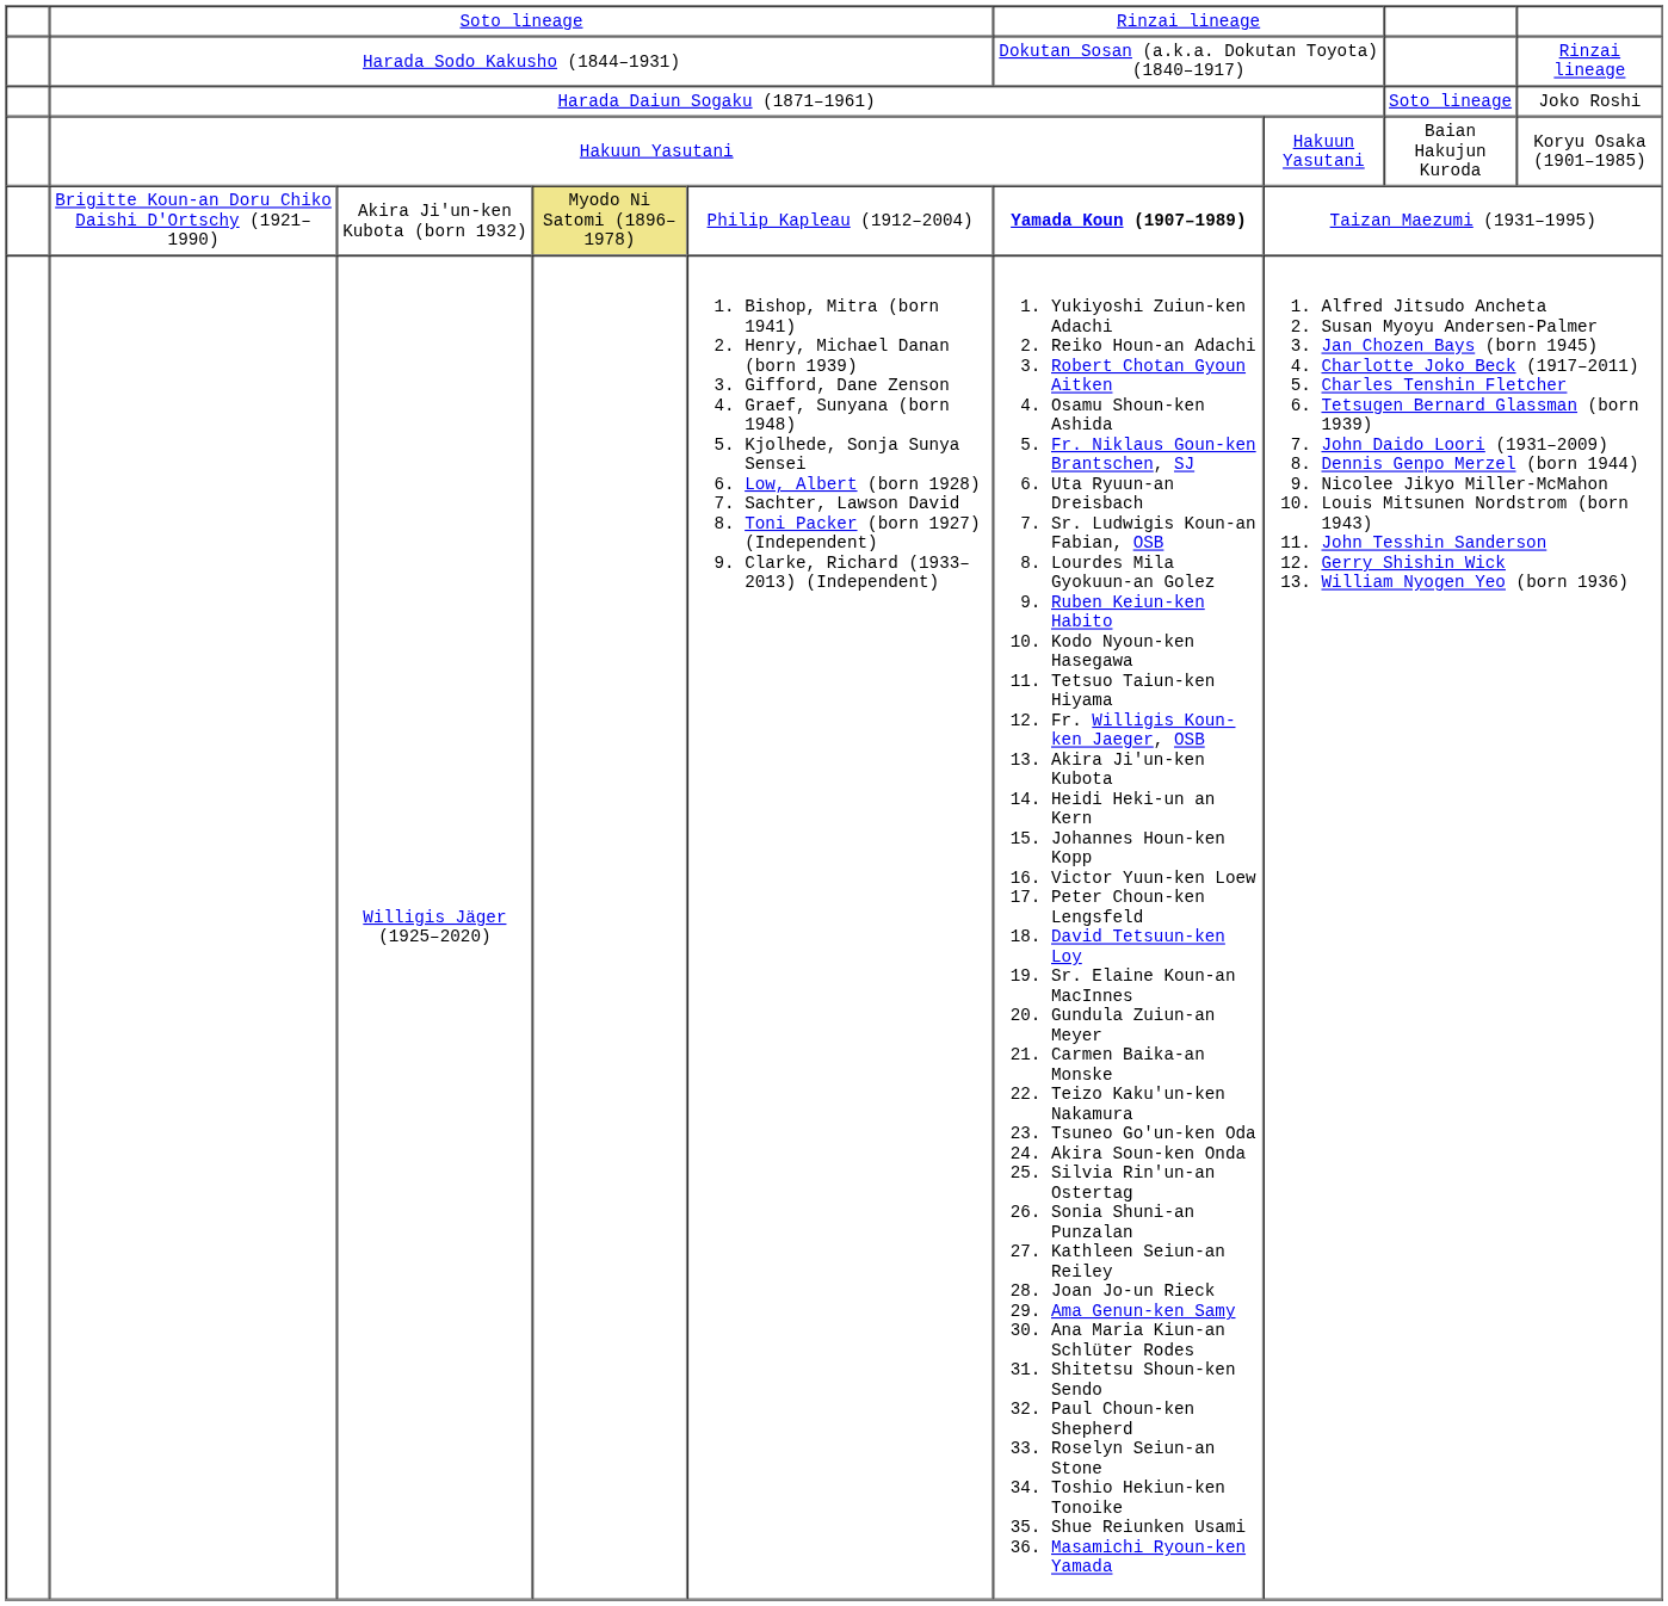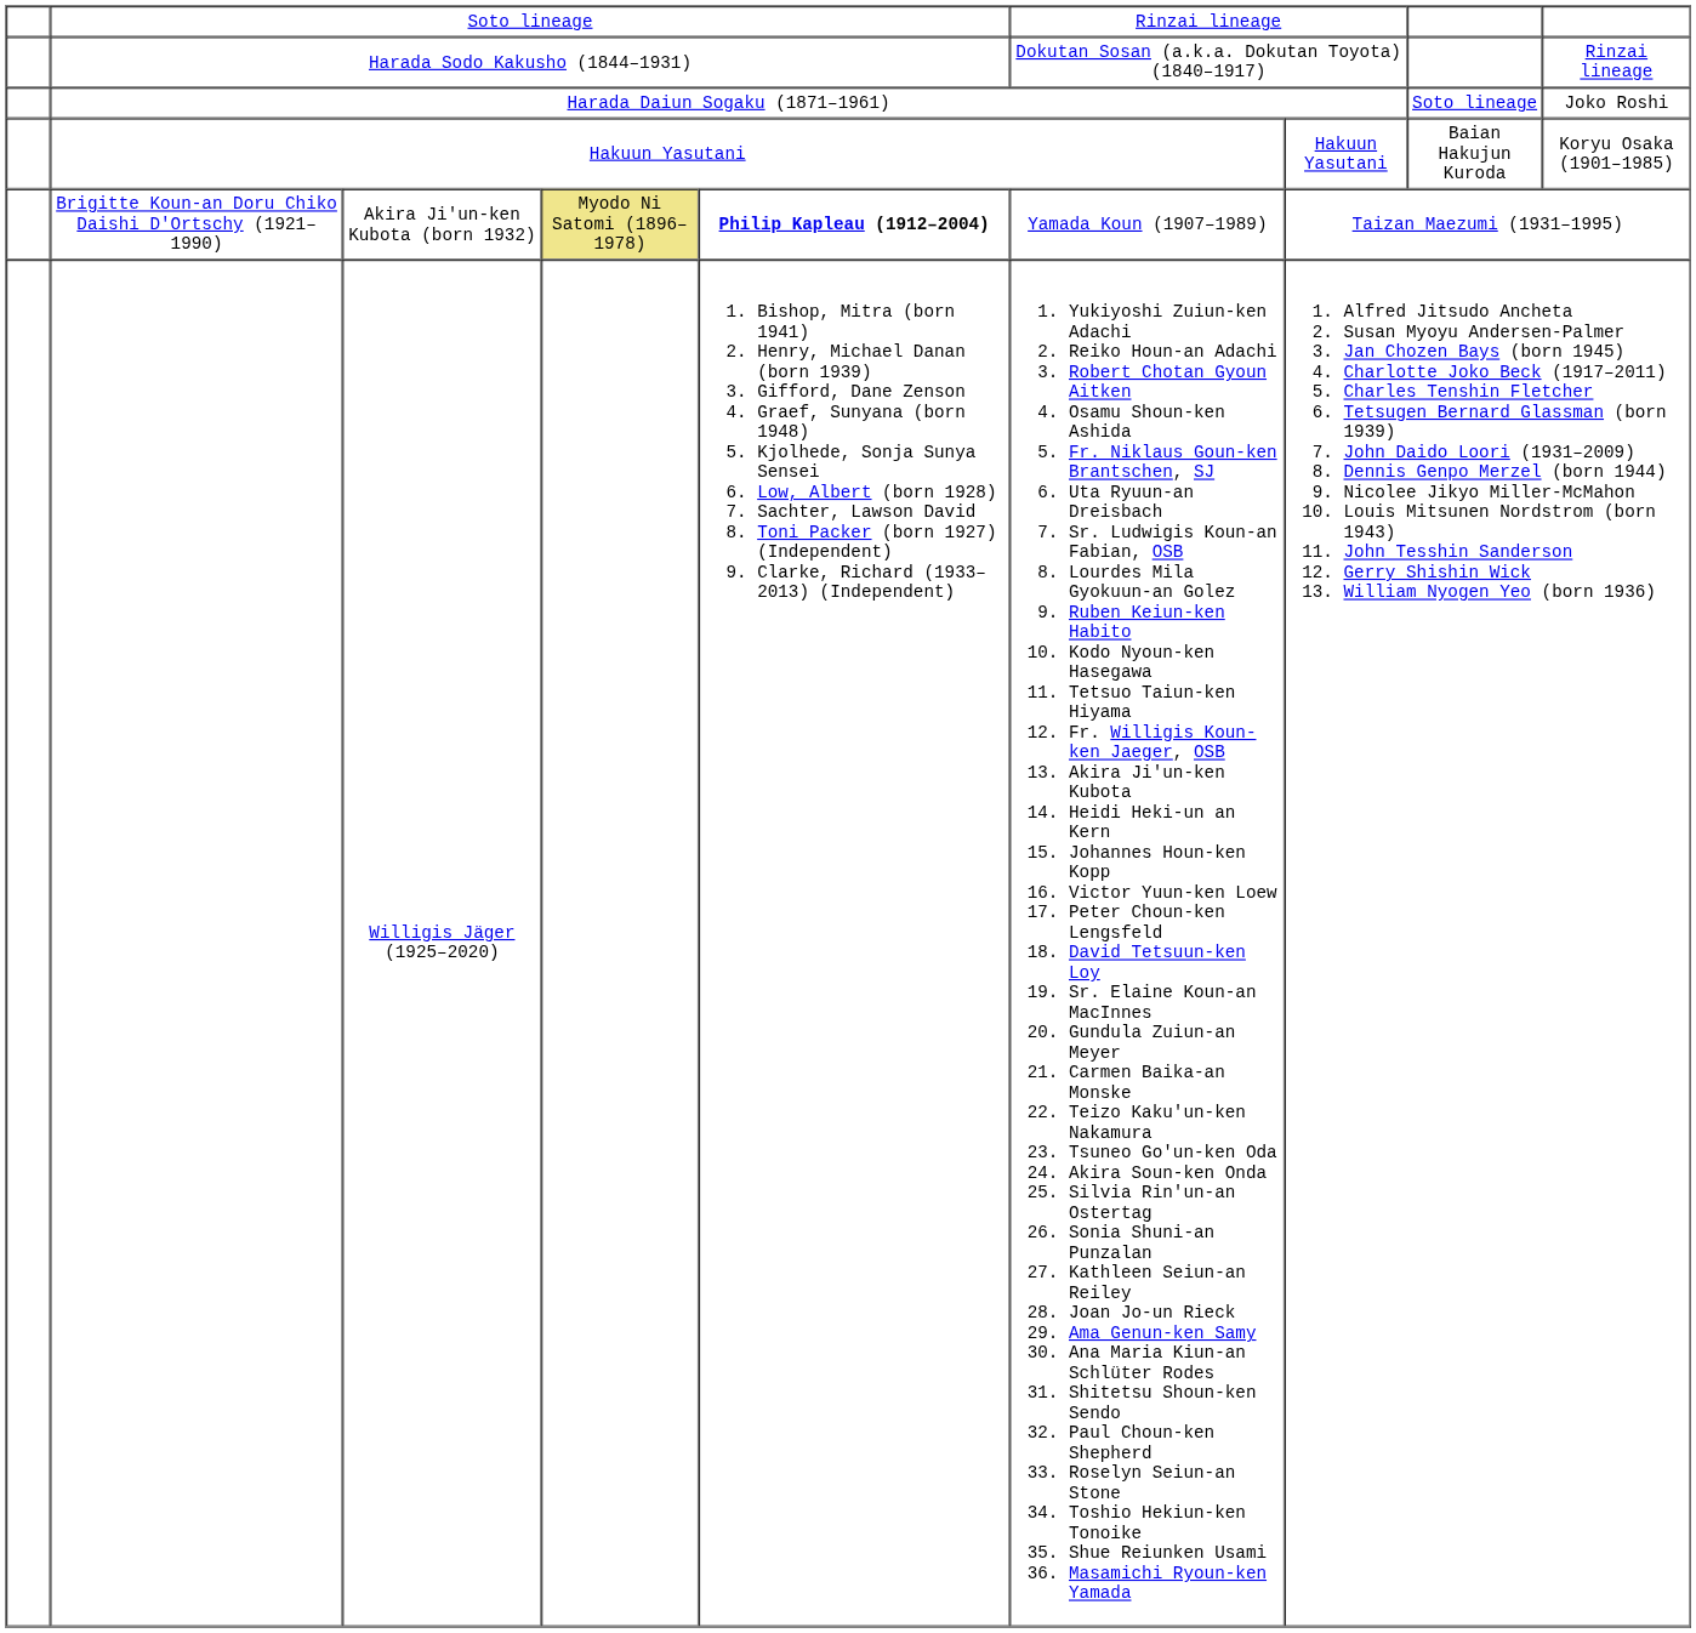 <table border="1" cellpadding="3" cellspacing="0" style="font-size:100%">
 <tr>
 <td align=center width="25px"></td>
 <td colspan=4 style="text-align:center;"><a href='#'>Soto lineage</a></td>
 <td colspan=2 style="text-align:center;"><a href='#'>Rinzai lineage</a></td>
 <td style="text-align:center;"></td>
 <td style="text-align:center;"></td>
 </tr>
 <tr>
 <td style="text-align:center;"></td>
 <td colspan=4 style="text-align:center;"><a href='#'>Harada Sodo Kakusho</a>  (1844–1931)</td>
 <td colspan=2 style="text-align:center;"><a href='#'>Dokutan Sosan</a> (a.k.a. Dokutan Toyota) (1840–1917)</td>
 <td style="text-align:center;"></td>
 <td style="text-align:center;"><a href='#'>Rinzai lineage</a></td>
 </tr>
 <tr>
 <td style="text-align:center;"></td>
 <td colspan=6 style="text-align:center;"><a href='#'>Harada Daiun Sogaku</a> (1871–1961)</td>
 <td style="text-align:center;"><a href='#'>Soto lineage</a></td>
 <td style="text-align:center;">Joko Roshi<br></td>
 </tr>
 <tr>
 <td style="text-align:center;"></td>
 <td colspan=5 style="text-align:center;"><a href='#'>Hakuun Yasutani</a></td>
 <td style="text-align:center;"><a href='#'>Hakuun Yasutani</a></td>
 <td style="text-align:center;">Baian Hakujun Kuroda</td>
 <td style="text-align:center;">Koryu Osaka (1901–1985)</td>
 </tr>
 <tr>
 <td style="text-align:center;"></td>
 <td style="text-align:center;"><a href='#'>Brigitte Koun-an Doru Chiko Daishi D'Ortschy</a> (1921–1990)</td>
 <td style="text-align:center;">Akira Ji'un-ken Kubota (born 1932)</td>
 <td style="background: khaki; text-align:center;">Myodo Ni Satomi (1896–1978)</td>
-<td style="text-align:center;"><a href='#'>Philip Kapleau</a> (1912–2004)</td>
-<td style="text-align:center;"><strong><a href='#'>Yamada Koun</a> (1907–1989)</strong></td>
+<td style="text-align:center;"><strong><a href='#'>Philip Kapleau</a> (1912–2004)</strong></td>
+<td style="text-align:center;"><a href='#'>Yamada Koun</a> (1907–1989)</td>
 <td style="text-align:center;" colspan=3><a href='#'>Taizan Maezumi</a> (1931–1995)</td>
 </tr>
 <tr>
 <td style="text-align:center;"></td>
 <td style="text-align:center;"></td>
 <td style="text-align:center;"><a href='#'>Willigis Jäger</a> (1925–2020)</td>
 <td style="text-align:center;"></td>
 <td valign="top" ><br><ol><li>Bishop, Mitra (born 1941)</li><li>Henry, Michael Danan (born 1939)</li><li>Gifford, Dane Zenson</li><li>Graef, Sunyana (born 1948)</li><li>Kjolhede, Sonja Sunya Sensei</li><li><a href='#'>Low, Albert</a> (born 1928)</li><li>Sachter, Lawson David</li><li><a href='#'>Toni Packer</a> (born 1927) (Independent)</li><li>Clarke, Richard (1933–2013) (Independent)</li></ol></td>
 <td valign="top" ><br><ol><li>Yukiyoshi Zuiun-ken Adachi</li><li>Reiko Houn-an Adachi</li><li><a href='#'>Robert Chotan Gyoun Aitken</a></li><li>Osamu Shoun-ken Ashida</li><li><a href='#'>Fr. Niklaus Goun-ken Brantschen</a>, <a href='#'>SJ</a></li><li>Uta Ryuun-an Dreisbach</li><li>Sr. Ludwigis Koun-an Fabian, <a href='#'>OSB</a></li><li>Lourdes Mila Gyokuun-an Golez</li><li><a href='#'>Ruben Keiun-ken Habito</a></li><li>Kodo Nyoun-ken Hasegawa</li><li>Tetsuo Taiun-ken Hiyama</li><li>Fr. <a href='#'>Willigis Koun-ken Jaeger</a>, <a href='#'>OSB</a></li><li>Akira Ji'un-ken Kubota</li><li>Heidi Heki-un an Kern</li><li>Johannes Houn-ken Kopp</li><li>Victor Yuun-ken Loew</li><li>Peter Choun-ken Lengsfeld</li><li><a href='#'>David Tetsuun-ken Loy</a></li><li>Sr. Elaine Koun-an MacInnes</li><li>Gundula Zuiun-an Meyer</li><li>Carmen Baika-an Monske</li><li>Teizo Kaku'un-ken Nakamura</li><li>Tsuneo Go'un-ken Oda</li><li>Akira Soun-ken Onda</li><li>Silvia Rin'un-an Ostertag</li><li>Sonia Shuni-an Punzalan</li><li>Kathleen Seiun-an Reiley</li><li>Joan Jo-un Rieck</li><li><a href='#'>Ama Genun-ken Samy</a></li><li>Ana Maria Kiun-an Schlüter Rodes</li><li>Shitetsu Shoun-ken Sendo</li><li>Paul Choun-ken Shepherd</li><li>Roselyn Seiun-an Stone</li><li>Toshio Hekiun-ken Tonoike</li><li>Shue Reiunken Usami</li><li><a href='#'>Masamichi Ryoun-ken Yamada</a></li></ol></td>
 <td colspan=3 valign="top" ><br><ol><li>Alfred Jitsudo Ancheta</li><li>Susan Myoyu Andersen-Palmer</li><li><a href='#'>Jan Chozen Bays</a> (born 1945)</li><li><a href='#'>Charlotte Joko Beck</a> (1917–2011)</li><li><a href='#'>Charles Tenshin Fletcher</a></li><li><a href='#'>Tetsugen Bernard Glassman</a> (born 1939)</li><li><a href='#'>John Daido Loori</a> (1931–2009)</li><li><a href='#'>Dennis Genpo Merzel</a> (born 1944)</li><li>Nicolee Jikyo Miller-McMahon</li><li>Louis Mitsunen Nordstrom (born 1943)</li><li><a href='#'>John Tesshin Sanderson</a></li><li><a href='#'>Gerry Shishin Wick</a></li><li><a href='#'>William Nyogen Yeo</a> (born 1936)</li></ol></td>
 </tr>
 <tr>
 </tr>
 </table>
